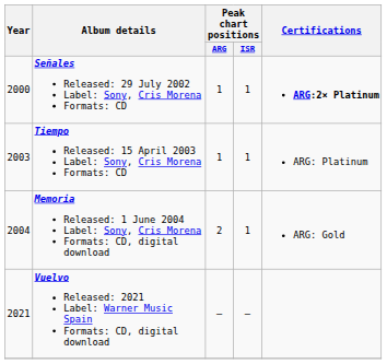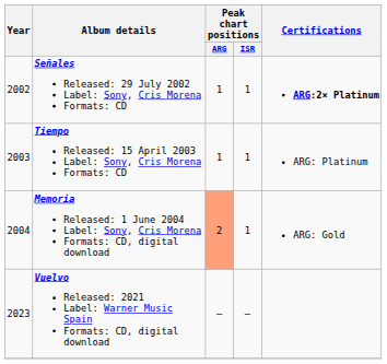 <table class="wikitable" style="text-align:center;">
 <tr>
 <th rowspan="2">Year</th>
 <th rowspan="2" width="230">Album details</th>
 <th colspan="2">Peak chart positions</th>
 <th rowspan="2"><a href='#'>Certifications</a></th>
 </tr>
 <tr>
 <th style="width:3em;font-size:85%"><a href='#'>ARG</a></th>
 <th style="width:3em;font-size:85%"><a href='#'>ISR</a></th>
 </tr>
 <tr>
-<td>2000</td>
+<td>2002</td>
 <td align=left><strong><em><a href='#'>Señales</a></em></strong><br><ul><li>Released: 29 July 2002</li><li>Label: <a href='#'>Sony</a>, <a href='#'>Cris Morena</a></li><li>Formats: CD</li></ul></td>
 <td>1</td>
 <td>1</td>
 <td align="left"><strong><br><ul><li><a href='#'>ARG</a>:2× Platinum</li></ul></strong></td>
 </tr>
 <tr>
 <td>2003</td>
 <td align=left><strong><em><a href='#'>Tiempo</a></em></strong><br><ul><li>Released: 15 April 2003</li><li>Label: <a href='#'>Sony</a>, <a href='#'>Cris Morena</a></li><li>Formats: CD</li></ul></td>
 <td>1</td>
 <td>1</td>
 <td align="left"><br><ul><li>ARG: Platinum</li></ul></td>
 </tr>
 <tr>
 <td>2004</td>
 <td align=left><strong><em><a href='#'>Memoria</a></em></strong><br><ul><li>Released: 1 June 2004</li><li>Label: <a href='#'>Sony</a>, <a href='#'>Cris Morena</a></li><li>Formats:  CD, digital download</li></ul></td>
-<td>2</td>
+<td style="background: lightsalmon;">2</td>
 <td>1</td>
 <td align="left"><br><ul><li>ARG: Gold</li></ul></td>
 </tr>
 <tr>
-<td>2021</td>
+<td>2023</td>
 <td align=left><strong><em><a href='#'>Vuelvo</a></em></strong><br><ul><li>Released: 2021</li><li>Label: <a href='#'>Warner Music Spain</a></li><li>Formats: CD, digital download</li></ul></td>
 <td>—</td>
 <td>—</td>
 <td></td>
 </tr>
 <tr>
 </tr>
 </table>
